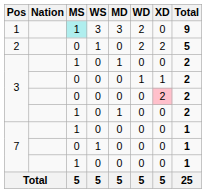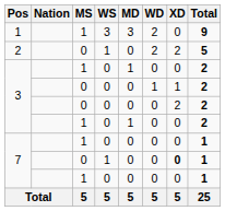 <table class="wikitable" style="text-align:center">
 <tr>
 <th>Pos</th>
 <th>Nation</th>
 <th>MS</th>
 <th>WS</th>
 <th>MD</th>
 <th>WD</th>
 <th>XD</th>
 <th>Total</th>
 </tr>
 <tr>
 <td>1</td>
 <td align=left></td>
-<td style="background: paleturquoise;">1</td>
+<td>1</td>
 <td>3</td>
 <td>3</td>
 <td>2</td>
 <td>0</td>
 <td><strong>9</strong></td>
 </tr>
 <tr>
 <td>2</td>
 <td align=left></td>
 <td>0</td>
 <td>1</td>
 <td>0</td>
 <td>2</td>
 <td>2</td>
 <td><strong>5</strong></td>
 </tr>
 <tr>
 <td rowspan=4>3</td>
 <td align=left></td>
 <td>1</td>
 <td>0</td>
 <td>1</td>
 <td>0</td>
 <td>0</td>
 <td><strong>2</strong></td>
 </tr>
 <tr>
 <td align=left></td>
 <td>0</td>
 <td>0</td>
 <td>0</td>
 <td>1</td>
 <td>1</td>
 <td><strong>2</strong></td>
 </tr>
 <tr>
 <td align=left></td>
 <td>0</td>
 <td>0</td>
 <td>0</td>
 <td>0</td>
-<td style="background: pink;">2</td>
+<td>2</td>
 <td><strong>2</strong></td>
 </tr>
 <tr>
 <td align=left></td>
 <td>1</td>
 <td>0</td>
 <td>1</td>
 <td>0</td>
 <td>0</td>
 <td><strong>2</strong></td>
 </tr>
 <tr>
 <td rowspan=3>7</td>
 <td align=left></td>
 <td>1</td>
 <td>0</td>
 <td>0</td>
 <td>0</td>
 <td>0</td>
 <td><strong>1</strong></td>
 </tr>
 <tr>
 <td align=left></td>
 <td>0</td>
 <td>1</td>
 <td>0</td>
 <td>0</td>
-<td>0</td>
+<td><strong>0</strong></td>
 <td><strong>1</strong></td>
 </tr>
 <tr>
 <td align=left></td>
 <td>1</td>
 <td>0</td>
 <td>0</td>
 <td>0</td>
 <td>0</td>
 <td><strong>1</strong></td>
 </tr>
 <tr>
 <th colspan="2">Total</th>
 <th>5</th>
 <th>5</th>
 <th>5</th>
 <th>5</th>
 <th>5</th>
 <th>25</th>
 </tr>
 </table>
